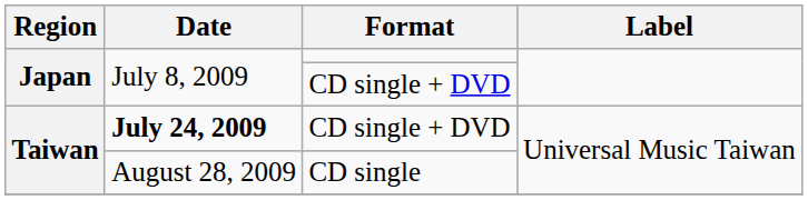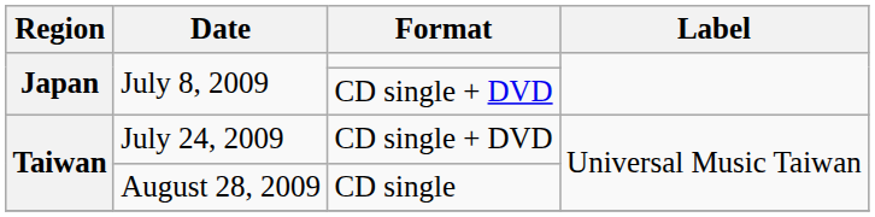 <table class="wikitable plainrowheaders">
 <tr>
 <th>Region</th>
 <th>Date</th>
 <th>Format</th>
 <th>Label</th>
 </tr>
 <tr>
 <th scope="row" rowspan="2">Japan</th>
 <td rowspan="2">July 8, 2009</td>
 <td></td>
 <td rowspan=2></td>
 </tr>
 <tr>
 <td>CD single + <a href='#'>DVD</a></td>
 </tr>
 <tr>
 <th scope="row" rowspan="2">Taiwan</th>
-<td><strong>July 24, 2009</strong></td>
+<td>July 24, 2009</td>
 <td>CD single + DVD</td>
 <td rowspan="2">Universal Music Taiwan</td>
 </tr>
 <tr>
 <td>August 28, 2009</td>
 <td>CD single</td>
 </tr>
 <tr>
 </tr>
 </table>
